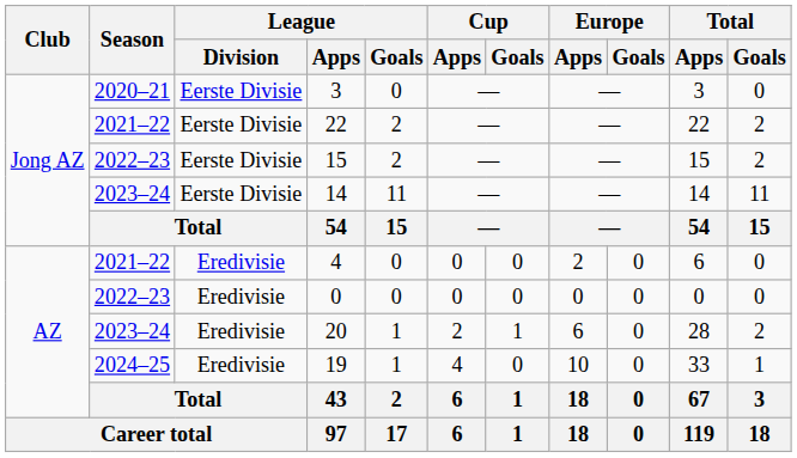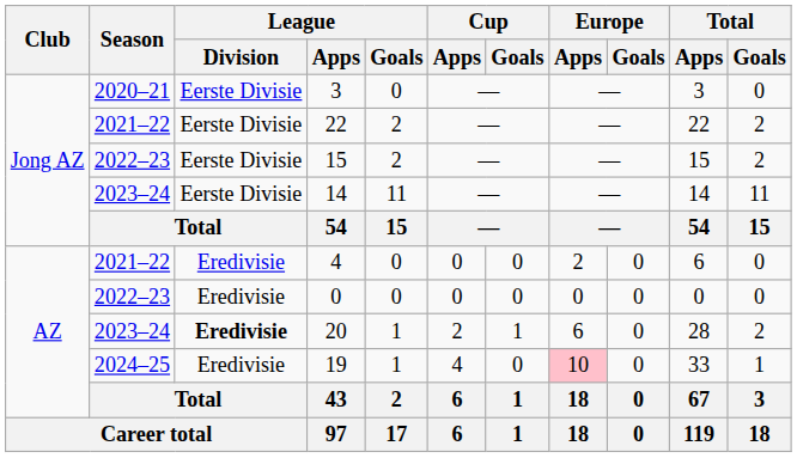 <table class="wikitable" style="text-align:center">
 <tr>
 <th rowspan="2">Club</th>
 <th rowspan="2">Season</th>
 <th colspan="3">League</th>
 <th colspan="2">Cup</th>
 <th colspan="2">Europe</th>
 <th colspan="2">Total</th>
 </tr>
 <tr>
 <th>Division</th>
 <th>Apps</th>
 <th>Goals</th>
 <th>Apps</th>
 <th>Goals</th>
 <th>Apps</th>
 <th>Goals</th>
 <th>Apps</th>
 <th>Goals</th>
 </tr>
 <tr>
 <td rowspan="5"><a href='#'>Jong AZ</a></td>
 <td><a href='#'>2020–21</a></td>
 <td><a href='#'>Eerste Divisie</a></td>
 <td>3</td>
 <td>0</td>
 <td colspan="2">—</td>
 <td colspan="2">—</td>
 <td>3</td>
 <td>0</td>
 </tr>
 <tr>
 <td><a href='#'>2021–22</a></td>
 <td>Eerste Divisie</td>
 <td>22</td>
 <td>2</td>
 <td colspan="2">—</td>
 <td colspan="2">—</td>
 <td>22</td>
 <td>2</td>
 </tr>
 <tr>
 <td><a href='#'>2022–23</a></td>
 <td>Eerste Divisie</td>
 <td>15</td>
 <td>2</td>
 <td colspan="2">—</td>
 <td colspan="2">—</td>
 <td>15</td>
 <td>2</td>
 </tr>
 <tr>
 <td><a href='#'>2023–24</a></td>
 <td>Eerste Divisie</td>
 <td>14</td>
 <td>11</td>
 <td colspan="2">—</td>
 <td colspan="2">—</td>
 <td>14</td>
 <td>11</td>
 </tr>
 <tr>
 <th colspan="2">Total</th>
 <th>54</th>
 <th>15</th>
 <th colspan="2">—</th>
 <th colspan="2">—</th>
 <th>54</th>
 <th>15</th>
 </tr>
 <tr>
 <td rowspan="5"><a href='#'>AZ</a></td>
 <td><a href='#'>2021–22</a></td>
 <td><a href='#'>Eredivisie</a></td>
 <td>4</td>
 <td>0</td>
 <td>0</td>
 <td>0</td>
 <td>2</td>
 <td>0</td>
 <td>6</td>
 <td>0</td>
 </tr>
 <tr>
 <td><a href='#'>2022–23</a></td>
 <td>Eredivisie</td>
 <td>0</td>
 <td>0</td>
 <td>0</td>
 <td>0</td>
 <td>0</td>
 <td>0</td>
 <td>0</td>
 <td>0</td>
 </tr>
 <tr>
 <td><a href='#'>2023–24</a></td>
-<td>Eredivisie</td>
+<td><strong>Eredivisie</strong></td>
 <td>20</td>
 <td>1</td>
 <td>2</td>
 <td>1</td>
 <td>6</td>
 <td>0</td>
 <td>28</td>
 <td>2</td>
 </tr>
 <tr>
 <td><a href='#'>2024–25</a></td>
 <td>Eredivisie</td>
 <td>19</td>
 <td>1</td>
 <td>4</td>
 <td>0</td>
-<td>10</td>
+<td style="background: pink;">10</td>
 <td>0</td>
 <td>33</td>
 <td>1</td>
 </tr>
 <tr>
 <th colspan="2">Total</th>
 <th>43</th>
 <th>2</th>
 <th>6</th>
 <th>1</th>
 <th>18</th>
 <th>0</th>
 <th>67</th>
 <th>3</th>
 </tr>
 <tr>
 <th colspan="3">Career total</th>
 <th>97</th>
 <th>17</th>
 <th>6</th>
 <th>1</th>
 <th>18</th>
 <th>0</th>
 <th>119</th>
 <th>18</th>
 </tr>
 </table>
